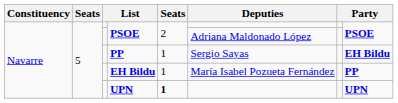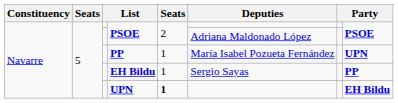 <table class="wikitable sortable">
 <tr>
 <th>Constituency</th>
 <th>Seats</th>
 <th colspan="2">List</th>
 <th>Seats</th>
 <th>Deputies</th>
 <th colspan="2">Party</th>
 </tr>
 <tr>
 <td rowspan="5"><a href='#'>Navarre</a></td>
 <td rowspan="5">5</td>
 <td></td>
 <td rowspan="2"><strong><a href='#'>PSOE</a></strong></td>
 <td rowspan="2">2</td>
 <td></td>
 <td></td>
 <td rowspan="2"><strong><a href='#'>PSOE</a></strong></td>
 </tr>
 <tr>
 <td></td>
 <td><a href='#'>Adriana Maldonado López</a></td>
 <td></td>
 </tr>
 <tr>
 <td></td>
 <td><strong><a href='#'>PP</a></strong></td>
 <td>1</td>
-<td><a href='#'>Sergio Sayas</a></td>
+<td><a href='#'>María Isabel Pozueta Fernández</a></td>
 <td></td>
-<td><strong><a href='#'>EH Bildu</a></strong></td>
+<td><strong><a href='#'>UPN</a></strong></td>
 </tr>
 <tr>
 <td></td>
 <td><strong><a href='#'>EH Bildu</a></strong></td>
 <td>1</td>
-<td><a href='#'>María Isabel Pozueta Fernández</a></td>
+<td><a href='#'>Sergio Sayas</a></td>
 <td></td>
 <td><strong><a href='#'>PP</a></strong></td>
 </tr>
 <tr>
 <td></td>
 <td><strong><a href='#'>UPN</a></strong></td>
 <td><strong>1</strong></td>
 <td></td>
 <td></td>
-<td><strong><a href='#'>UPN</a></strong></td>
+<td><strong><a href='#'>EH Bildu</a></strong></td>
 </tr>
 </table>
